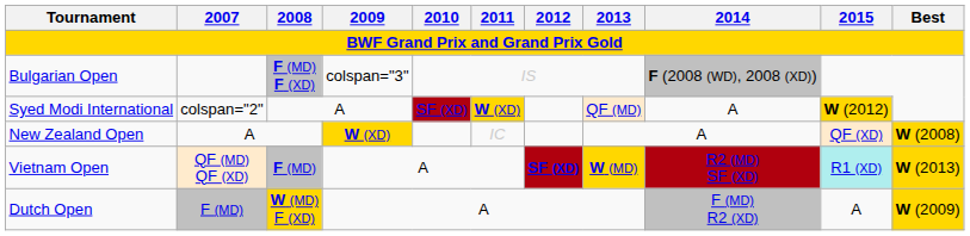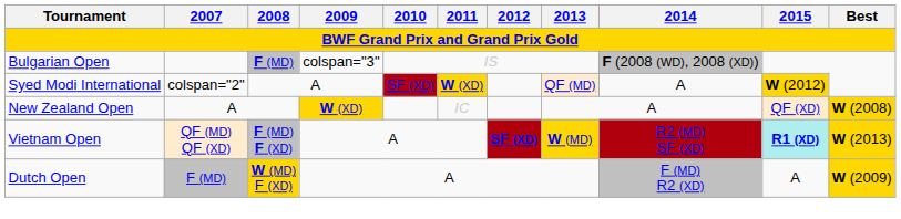 <table class="wikitable" style="font-size: 90%; text-align:center">
 <tr>
 <th>Tournament</th>
 <th><a href='#'>2007</a></th>
 <th><a href='#'>2008</a></th>
 <th><a href='#'>2009</a></th>
 <th><a href='#'>2010</a></th>
 <th><a href='#'>2011</a></th>
 <th><a href='#'>2012</a></th>
 <th><a href='#'>2013</a></th>
 <th><a href='#'>2014</a></th>
 <th><a href='#'>2015</a></th>
 <th>Best</th>
 </tr>
 <tr bgcolor=FFD700>
 <td colspan="11" align=center><strong><a href='#'>BWF Grand Prix and Grand Prix Gold</a></strong></td>
 </tr>
 <tr>
 <td align=left><a href='#'>Bulgarian Open</a></td>
 <td></td>
-<td bgcolor=Silver><a href='#'><strong>F</strong> <small>(MD)</small></a><br><a href='#'><strong>F</strong> <small>(XD)</small></a></td>
+<td bgcolor=Silver><a href='#'><strong>F</strong> <small>(MD)</small></a></td>
 <td>colspan="3" </td>
 <td colspan="4" style=color:#ccc><em>IS</em></td>
 <td bgcolor=Silver><strong>F</strong> (2008 <small>(WD)</small>, 2008 <small>(XD)</small>)</td>
 </tr>
 <tr>
 <td align=left><a href='#'>Syed Modi International</a></td>
 <td>colspan="2" </td>
 <td colspan="2">A</td>
 <td bgcolor=Bronze><a href='#'>SF <small>(XD)</small></a></td>
 <td bgcolor=gold><a href='#'><strong>W</strong> <small>(XD)</small></a></td>
 <td></td>
 <td bgcolor=FFEBCD><a href='#'>QF <small>(MD)</small></a></td>
 <td>A</td>
 <td bgcolor=gold><strong>W</strong> (2012)</td>
 </tr>
 <tr>
 <td align=left><a href='#'>New Zealand Open</a></td>
 <td colspan="2">A</td>
 <td bgcolor=gold><a href='#'><strong>W</strong> <small>(XD)</small></a></td>
 <td></td>
 <td style=color:#ccc><em>IC</em></td>
 <td></td>
 <td colspan="2">A</td>
 <td bgcolor=FFEBCD><a href='#'>QF <small>(XD)</small></a></td>
 <td bgcolor=Gold><strong>W</strong> (2008)</td>
 </tr>
 <tr>
 <td align=left><a href='#'>Vietnam Open</a></td>
 <td bgcolor=FFEBCD><a href='#'>QF <small>(MD)</small></a><br><a href='#'>QF <small>(XD)</small></a></td>
-<td bgcolor=Silver><a href='#'><strong>F</strong> <small>(MD)</small></a></td>
+<td bgcolor=Silver><a href='#'><strong>F</strong> <small>(MD)</small></a><br><a href='#'><strong>F</strong> <small>(XD)</small></a></td>
 <td colspan="3">A</td>
 <td bgcolor=Bronze><strong><a href='#'>SF <small>(XD)</small></a></strong></td>
 <td bgcolor=gold><a href='#'><strong>W</strong> <small>(MD)</small></a></td>
 <td bgcolor=Bronze><a href='#'>R2 <small>(MD)</small></a><br><a href='#'>SF <small>(XD)</small></a></td>
-<td bgcolor=AFEEEE><a href='#'>R1 <small>(XD)</small></a></td>
+<td bgcolor=AFEEEE><strong><a href='#'>R1 <small>(XD)</small></a></strong></td>
 <td bgcolor=gold><strong>W</strong> (2013)</td>
 </tr>
 <tr>
 <td align=left><a href='#'>Dutch Open</a></td>
 <td bgcolor=Silver><a href='#'>F <small>(MD)</small></a></td>
 <td bgcolor=Gold><a href='#'><strong>W</strong> <small>(MD)</small></a><br><a href='#'>F <small>(XD)</small></a></td>
 <td colspan="5">A</td>
 <td bgcolor=Silver><a href='#'>F <small>(MD)</small></a><br><a href='#'>R2 <small>(XD)</small></a></td>
 <td>A</td>
 <td bgcolor=gold><strong>W</strong> (2009)</td>
 </tr>
 </table>
